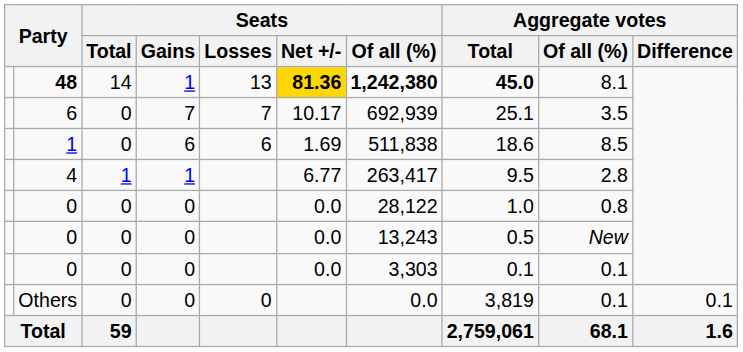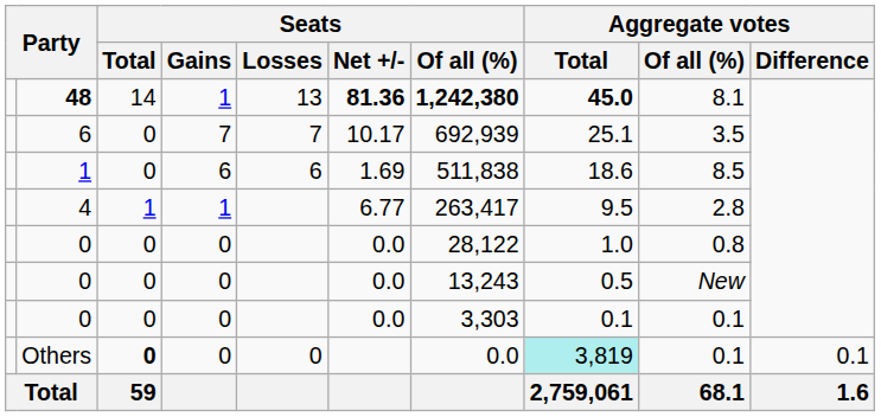 <table class="wikitable sortable" style="text-align:right; font-size:95%;">
 <tr>
 <th colspan="2" rowspan="2">Party</th>
 <th colspan="5">Seats</th>
 <th colspan="3">Aggregate votes</th>
 </tr>
 <tr>
 <th>Total</th>
 <th>Gains</th>
 <th>Losses</th>
 <th>Net +/-</th>
 <th>Of all (%)</th>
 <th>Total</th>
 <th>Of all (%)</th>
 <th>Difference</th>
 </tr>
 <tr>
 <td></td>
 <td><strong>48</strong></td>
 <td>14</td>
 <td><a href='#'>1</a></td>
 <td>13</td>
-<td style="background: gold;"><strong>81.36</strong></td>
+<td><strong>81.36</strong></td>
 <td><strong>1,242,380</strong></td>
 <td><strong>45.0</strong></td>
 <td>8.1</td>
 </tr>
 <tr>
 <td></td>
 <td>6</td>
 <td>0</td>
 <td>7</td>
 <td>7</td>
 <td>10.17</td>
 <td>692,939</td>
 <td>25.1</td>
 <td>3.5</td>
 </tr>
 <tr>
 <td></td>
 <td><a href='#'>1</a></td>
 <td>0</td>
 <td>6</td>
 <td>6</td>
 <td>1.69</td>
 <td>511,838</td>
 <td>18.6</td>
 <td>8.5</td>
 </tr>
 <tr>
 <td></td>
 <td>4</td>
 <td><a href='#'>1</a></td>
 <td><a href='#'>1</a></td>
 <td></td>
 <td>6.77</td>
 <td>263,417</td>
 <td>9.5</td>
 <td>2.8</td>
 </tr>
 <tr>
 <td></td>
 <td>0</td>
 <td>0</td>
 <td>0</td>
 <td></td>
 <td>0.0</td>
 <td>28,122</td>
 <td>1.0</td>
 <td>0.8</td>
 </tr>
 <tr>
 <td></td>
 <td>0</td>
 <td>0</td>
 <td>0</td>
 <td></td>
 <td>0.0</td>
 <td>13,243</td>
 <td>0.5</td>
 <td><em>New</em></td>
 </tr>
 <tr>
 <td></td>
 <td>0</td>
 <td>0</td>
 <td>0</td>
 <td></td>
 <td>0.0</td>
 <td>3,303</td>
 <td>0.1</td>
 <td>0.1</td>
 </tr>
 <tr>
 <td></td>
 <td align=left>Others</td>
-<td>0</td>
+<td><strong>0</strong></td>
 <td>0</td>
 <td>0</td>
 <td></td>
 <td>0.0</td>
-<td>3,819</td>
+<td style="background: paleturquoise;">3,819</td>
 <td>0.1</td>
 <td>0.1</td>
 </tr>
 <tr class="sortbottom">
 <th colspan="2" style="background:#f2f2f2"><strong>Total</strong></th>
 <td style="background:#f2f2f2;"><strong>59</strong></td>
 <td style="background:#f2f2f2;"></td>
 <td style="background:#f2f2f2;"></td>
 <td style="background:#f2f2f2;"></td>
 <td style="background:#f2f2f2;"></td>
 <td style="background:#f2f2f2;"><strong>2,759,061</strong></td>
 <td style="background:#f2f2f2;"><strong>68.1</strong></td>
 <td style="background:#f2f2f2;"><strong>1.6</strong></td>
 </tr>
 </table>
